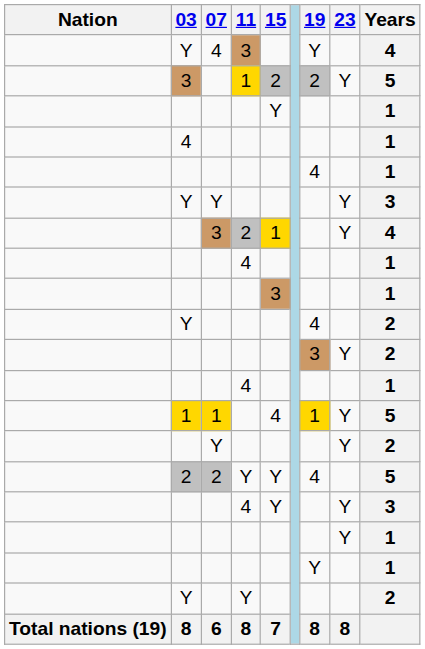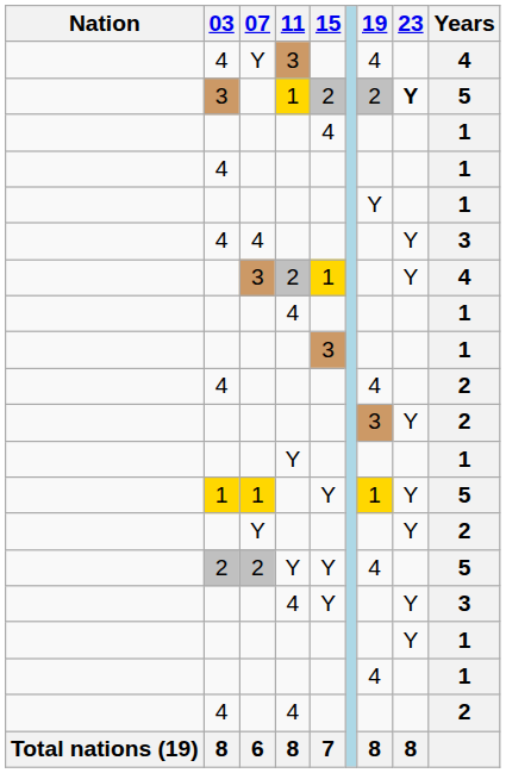 <table class="wikitable" style="text-align:center">
 <tr>
 <th>Nation</th>
 <th><a href='#'>03</a></th>
 <th><a href='#'>07</a></th>
 <th><a href='#'>11</a></th>
 <th><a href='#'>15</a></th>
 <td rowspan=21 bgcolor=lightblue></td>
 <th><a href='#'>19</a></th>
 <th><a href='#'>23</a></th>
 <th>Years</th>
 </tr>
 <tr>
 <td align=left></td>
+<td>4</td>
 <td>Y</td>
-<td>4</td>
 <td bgcolor=#cc9966>3</td>
 <td></td>
-<td>Y</td>
+<td>4</td>
 <td></td>
 <th>4</th>
 </tr>
 <tr>
 <td align=left></td>
 <td bgcolor=#cc9966>3</td>
 <td></td>
 <td bgcolor=gold>1</td>
 <td bgcolor=silver>2</td>
 <td bgcolor=silver>2</td>
-<td>Y</td>
+<td><strong>Y</strong></td>
 <th>5</th>
 </tr>
 <tr>
 <td align=left></td>
 <td></td>
 <td></td>
 <td></td>
-<td>Y</td>
+<td>4</td>
 <td></td>
 <td></td>
 <th>1</th>
 </tr>
 <tr>
 <td align=left></td>
 <td>4</td>
 <td></td>
 <td></td>
 <td></td>
 <td></td>
 <td></td>
 <th>1</th>
 </tr>
 <tr>
 <td align=left></td>
 <td></td>
 <td></td>
 <td></td>
 <td></td>
-<td>4</td>
+<td>Y</td>
 <td></td>
 <th>1</th>
 </tr>
 <tr>
 <td align=left></td>
-<td>Y</td>
-<td>Y</td>
+<td>4</td>
+<td>4</td>
 <td></td>
 <td></td>
 <td></td>
 <td>Y</td>
 <th>3</th>
 </tr>
 <tr>
 <td align=left></td>
 <td></td>
 <td bgcolor=#cc9966>3</td>
 <td bgcolor=silver>2</td>
 <td bgcolor=gold>1</td>
 <td></td>
 <td>Y</td>
 <th>4</th>
 </tr>
 <tr>
 <td align=left></td>
 <td></td>
 <td></td>
 <td>4</td>
 <td></td>
 <td></td>
 <td></td>
 <th>1</th>
 </tr>
 <tr>
 <td align=left></td>
 <td></td>
 <td></td>
 <td></td>
 <td bgcolor=#cc9966>3</td>
 <td></td>
 <td></td>
 <th>1</th>
 </tr>
 <tr>
 <td align=left></td>
-<td>Y</td>
+<td>4</td>
 <td></td>
 <td></td>
 <td></td>
 <td>4</td>
 <td></td>
 <th>2</th>
 </tr>
 <tr>
 <td align=left></td>
 <td></td>
 <td></td>
 <td></td>
 <td></td>
 <td bgcolor=#cc9966>3</td>
 <td>Y</td>
 <th>2</th>
 </tr>
 <tr>
 <td align=left></td>
 <td></td>
 <td></td>
-<td>4</td>
+<td>Y</td>
 <td></td>
 <td></td>
 <td></td>
 <th>1</th>
 </tr>
 <tr>
 <td align=left></td>
 <td bgcolor=gold>1</td>
 <td bgcolor=gold>1</td>
 <td></td>
-<td>4</td>
+<td>Y</td>
 <td bgcolor=gold>1</td>
 <td>Y</td>
 <th>5</th>
 </tr>
 <tr>
 <td align=left></td>
 <td></td>
 <td>Y</td>
 <td></td>
 <td></td>
 <td></td>
 <td>Y</td>
 <th>2</th>
 </tr>
 <tr>
 <td align=left></td>
 <td bgcolor=silver>2</td>
 <td bgcolor=silver>2</td>
 <td>Y</td>
 <td>Y</td>
 <td>4</td>
 <td></td>
 <th>5</th>
 </tr>
 <tr>
 <td align=left></td>
 <td></td>
 <td></td>
 <td>4</td>
 <td>Y</td>
 <td></td>
 <td>Y</td>
 <th>3</th>
 </tr>
 <tr>
 <td align=left></td>
 <td></td>
 <td></td>
 <td></td>
 <td></td>
 <td></td>
 <td>Y</td>
 <th>1</th>
 </tr>
 <tr>
 <td align=left></td>
 <td></td>
 <td></td>
 <td></td>
 <td></td>
-<td>Y</td>
+<td>4</td>
 <td></td>
 <th>1</th>
 </tr>
 <tr>
 <td align=left></td>
-<td>Y</td>
+<td>4</td>
 <td></td>
-<td>Y</td>
+<td>4</td>
 <td></td>
 <td></td>
 <td></td>
 <th>2</th>
 </tr>
 <tr>
 <th align=left>Total nations (19)</th>
 <th>8</th>
 <th>6</th>
 <th>8</th>
 <th>7</th>
 <th>8</th>
 <th>8</th>
 <th></th>
 </tr>
 </table>
